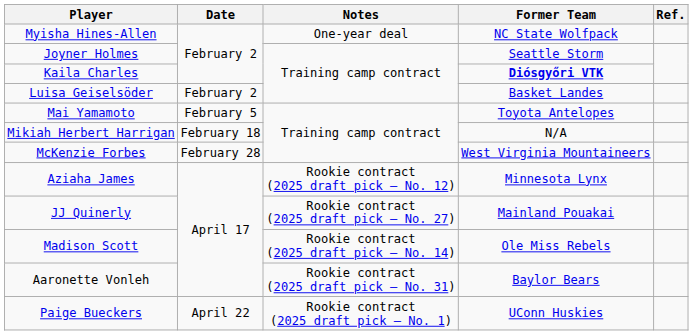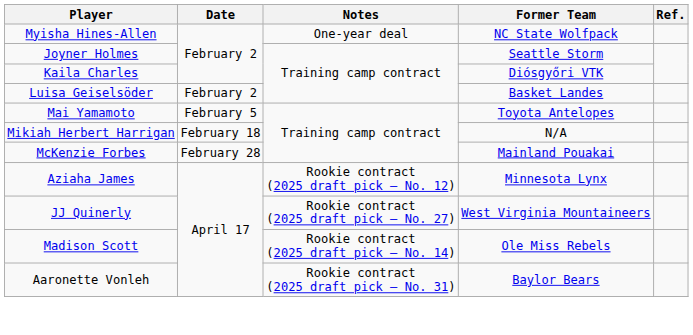 <table class="wikitable sortable sortable" style="text-align: center">
 <tr>
 <th>Player</th>
 <th>Date</th>
 <th>Notes</th>
 <th>Former Team</th>
 <th>Ref.</th>
 </tr>
 <tr>
 <td><a href='#'>Myisha Hines-Allen</a></td>
 <td rowspan=3>February 2</td>
 <td>One-year deal</td>
 <td><a href='#'>NC State Wolfpack</a></td>
 <td></td>
 </tr>
 <tr>
 <td><a href='#'>Joyner Holmes</a></td>
 <td rowspan=3>Training camp contract</td>
 <td><a href='#'>Seattle Storm</a></td>
 <td rowspan=2></td>
 </tr>
 <tr>
 <td><a href='#'>Kaila Charles</a></td>
-<td><strong><a href='#'>Diósgyőri VTK</a></strong></td>
+<td><a href='#'>Diósgyőri VTK</a></td>
 </tr>
 <tr>
 <td><a href='#'>Luisa Geiselsöder</a></td>
 <td>February 2</td>
 <td><a href='#'>Basket Landes</a></td>
 <td></td>
 </tr>
 <tr>
 <td><a href='#'>Mai Yamamoto</a></td>
 <td>February 5</td>
 <td rowspan=3>Training camp contract</td>
 <td><a href='#'>Toyota Antelopes</a></td>
 <td></td>
 </tr>
 <tr>
 <td><a href='#'>Mikiah Herbert Harrigan</a></td>
 <td>February 18</td>
 <td>N/A</td>
 <td></td>
 </tr>
 <tr>
 <td><a href='#'>McKenzie Forbes</a></td>
 <td>February 28</td>
-<td><a href='#'>West Virginia Mountaineers</a></td>
+<td><a href='#'>Mainland Pouakai</a></td>
 <td></td>
 </tr>
 <tr>
 <td><a href='#'>Aziaha James</a></td>
 <td rowspan=4>April 17</td>
 <td>Rookie contract<br>(<a href='#'>2025 draft pick – No. 12</a>)</td>
 <td><a href='#'>Minnesota Lynx</a></td>
 <td></td>
 </tr>
 <tr>
 <td><a href='#'>JJ Quinerly</a></td>
 <td>Rookie contract<br>(<a href='#'>2025 draft pick – No. 27</a>)</td>
-<td><a href='#'>Mainland Pouakai</a></td>
+<td><a href='#'>West Virginia Mountaineers</a></td>
 <td></td>
 </tr>
 <tr>
 <td><a href='#'>Madison Scott</a></td>
 <td>Rookie contract<br>(<a href='#'>2025 draft pick – No. 14</a>)</td>
 <td><a href='#'>Ole Miss Rebels</a></td>
 <td></td>
 </tr>
 <tr>
 <td>Aaronette Vonleh</td>
 <td>Rookie contract<br>(<a href='#'>2025 draft pick – No. 31</a>)</td>
 <td><a href='#'>Baylor Bears</a></td>
 <td></td>
 </tr>
-<tr>
-<td><a href='#'>Paige Bueckers</a></td>
-<td>April 22</td>
-<td>Rookie contract<br>(<a href='#'>2025 draft pick – No. 1</a>)</td>
-<td><a href='#'>UConn Huskies</a></td>
-<td></td>
-</tr>
 </table>
